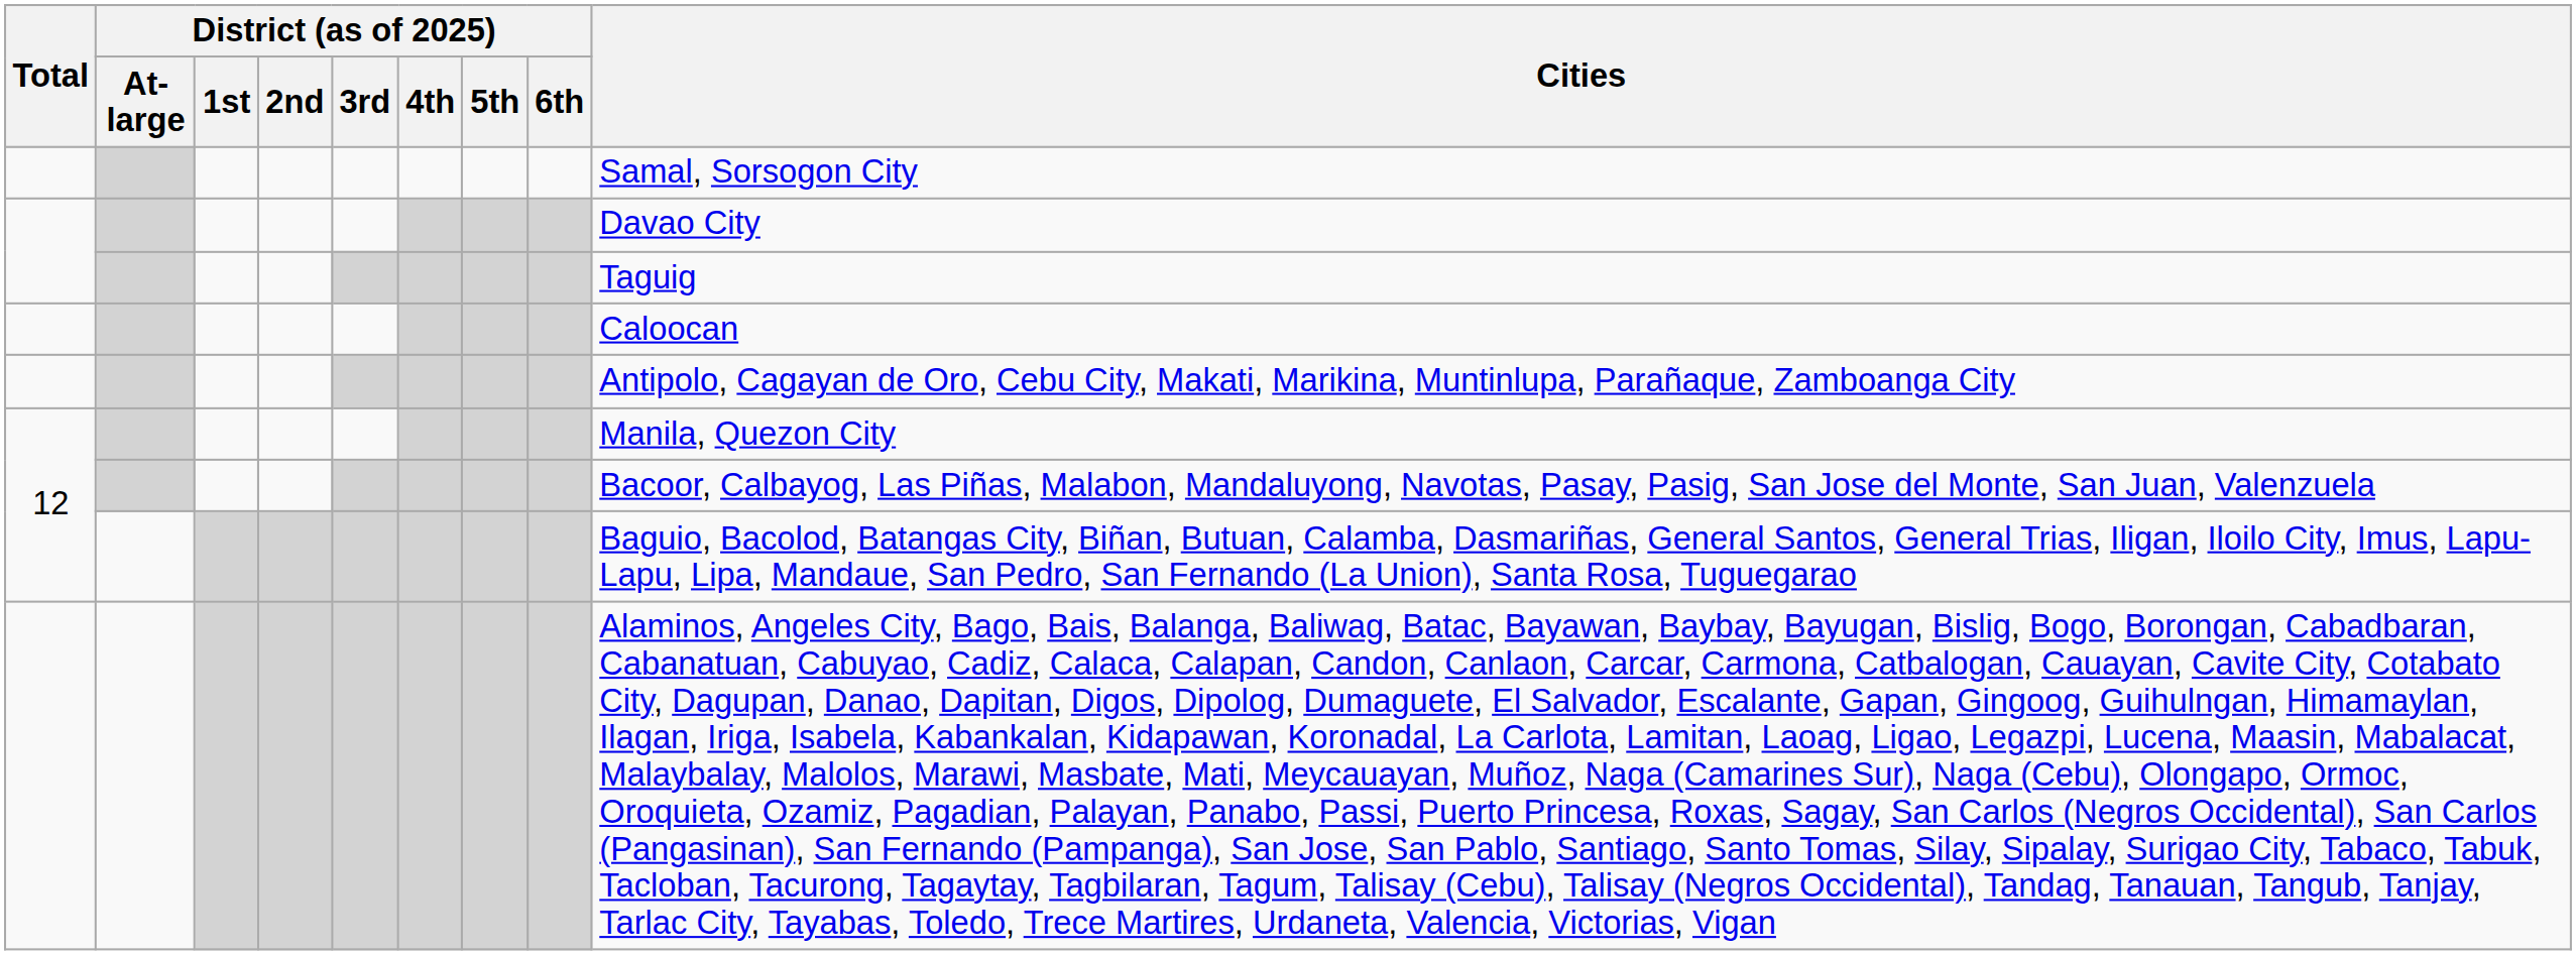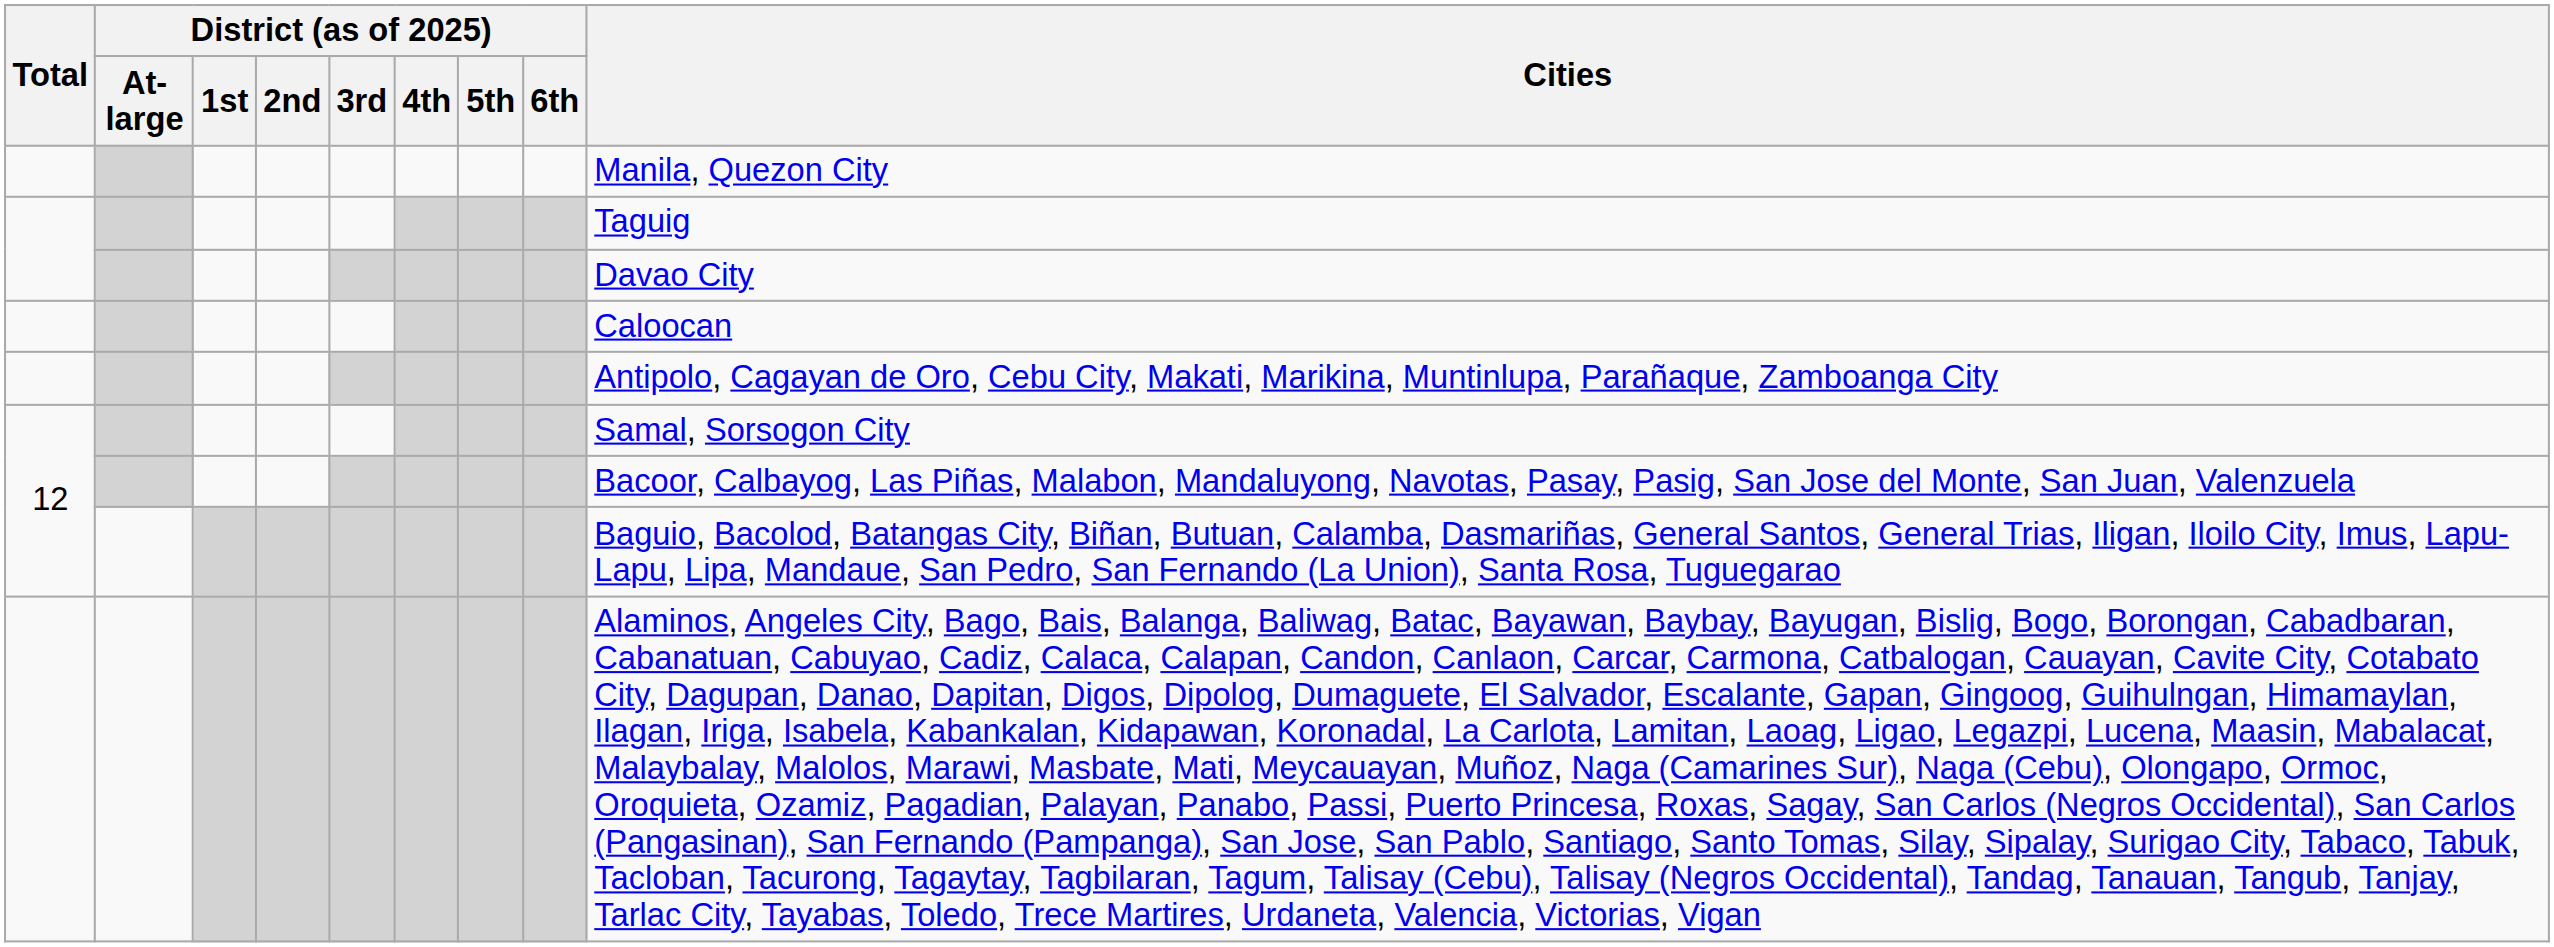 <table class="wikitable">
 <tr style="background:#ccc;">
 <th rowspan=2>Total</th>
 <th colspan=7>District (as of 2025)</th>
 <th rowspan=2>Cities</th>
 </tr>
 <tr>
 <th>At-large</th>
 <th>1st</th>
 <th>2nd</th>
 <th>3rd</th>
 <th>4th</th>
 <th>5th</th>
 <th>6th</th>
 </tr>
 <tr>
 <td></td>
 <td bgcolor=D3D3D3></td>
 <td></td>
 <td></td>
 <td></td>
 <td></td>
 <td></td>
 <td></td>
-<td><a href='#'>Samal</a>, <a href='#'>Sorsogon City</a></td>
+<td><a href='#'>Manila</a>, <a href='#'>Quezon City</a></td>
 </tr>
 <tr>
 <td rowspan=2></td>
 <td bgcolor=D3D3D3></td>
 <td></td>
 <td></td>
 <td></td>
 <td bgcolor=D3D3D3></td>
 <td bgcolor=D3D3D3></td>
 <td bgcolor=D3D3D3></td>
-<td><a href='#'>Davao City</a></td>
+<td><a href='#'>Taguig</a></td>
 </tr>
 <tr>
 <td bgcolor=D3D3D3></td>
 <td></td>
 <td></td>
 <td bgcolor=D3D3D3></td>
 <td bgcolor=D3D3D3></td>
 <td bgcolor=D3D3D3></td>
 <td bgcolor=D3D3D3></td>
-<td><a href='#'>Taguig</a></td>
+<td><a href='#'>Davao City</a></td>
 </tr>
 <tr>
 <td></td>
 <td bgcolor=D3D3D3></td>
 <td></td>
 <td></td>
 <td></td>
 <td bgcolor=D3D3D3></td>
 <td bgcolor=D3D3D3></td>
 <td bgcolor=D3D3D3></td>
 <td><a href='#'>Caloocan</a></td>
 </tr>
 <tr>
 <td></td>
 <td bgcolor=D3D3D3></td>
 <td></td>
 <td></td>
 <td bgcolor=D3D3D3></td>
 <td bgcolor=D3D3D3></td>
 <td bgcolor=D3D3D3></td>
 <td bgcolor=D3D3D3></td>
 <td><a href='#'>Antipolo</a>, <a href='#'>Cagayan de Oro</a>, <a href='#'>Cebu City</a>, <a href='#'>Makati</a>, <a href='#'>Marikina</a>, <a href='#'>Muntinlupa</a>, <a href='#'>Parañaque</a>, <a href='#'>Zamboanga City</a></td>
 </tr>
 <tr>
 <td rowspan=3 style="text-align:center;">12</td>
 <td bgcolor=D3D3D3></td>
 <td></td>
 <td></td>
 <td></td>
 <td bgcolor=D3D3D3></td>
 <td bgcolor=D3D3D3></td>
 <td bgcolor=D3D3D3></td>
-<td><a href='#'>Manila</a>, <a href='#'>Quezon City</a></td>
+<td><a href='#'>Samal</a>, <a href='#'>Sorsogon City</a></td>
 </tr>
 <tr>
 <td bgcolor=D3D3D3></td>
 <td></td>
 <td></td>
 <td bgcolor=D3D3D3></td>
 <td bgcolor=D3D3D3></td>
 <td bgcolor=D3D3D3></td>
 <td bgcolor=D3D3D3></td>
 <td><a href='#'>Bacoor</a>, <a href='#'>Calbayog</a>, <a href='#'>Las Piñas</a>, <a href='#'>Malabon</a>, <a href='#'>Mandaluyong</a>, <a href='#'>Navotas</a>, <a href='#'>Pasay</a>, <a href='#'>Pasig</a>, <a href='#'>San Jose del Monte</a>, <a href='#'>San Juan</a>, <a href='#'>Valenzuela</a></td>
 </tr>
 <tr>
 <td></td>
 <td bgcolor=D3D3D3></td>
 <td bgcolor=D3D3D3></td>
 <td bgcolor=D3D3D3></td>
 <td bgcolor=D3D3D3></td>
 <td bgcolor=D3D3D3></td>
 <td bgcolor=D3D3D3></td>
 <td><a href='#'>Baguio</a>, <a href='#'>Bacolod</a>, <a href='#'>Batangas City</a>, <a href='#'>Biñan</a>, <a href='#'>Butuan</a>, <a href='#'>Calamba</a>, <a href='#'>Dasmariñas</a>, <a href='#'>General Santos</a>, <a href='#'>General Trias</a>, <a href='#'>Iligan</a>, <a href='#'>Iloilo City</a>, <a href='#'>Imus</a>, <a href='#'>Lapu-Lapu</a>, <a href='#'>Lipa</a>, <a href='#'>Mandaue</a>, <a href='#'>San Pedro</a>, <a href='#'>San Fernando (La Union)</a>, <a href='#'>Santa Rosa</a>, <a href='#'>Tuguegarao</a></td>
 </tr>
 <tr>
 <td></td>
 <td></td>
 <td bgcolor=D3D3D3></td>
 <td bgcolor=D3D3D3></td>
 <td bgcolor=D3D3D3></td>
 <td bgcolor=D3D3D3></td>
 <td bgcolor=D3D3D3></td>
 <td bgcolor=D3D3D3></td>
 <td><a href='#'>Alaminos</a>, <a href='#'>Angeles City</a>, <a href='#'>Bago</a>, <a href='#'>Bais</a>, <a href='#'>Balanga</a>, <a href='#'>Baliwag</a>, <a href='#'>Batac</a>, <a href='#'>Bayawan</a>, <a href='#'>Baybay</a>, <a href='#'>Bayugan</a>, <a href='#'>Bislig</a>, <a href='#'>Bogo</a>, <a href='#'>Borongan</a>, <a href='#'>Cabadbaran</a>, <a href='#'>Cabanatuan</a>, <a href='#'>Cabuyao</a>, <a href='#'>Cadiz</a>, <a href='#'>Calaca</a>, <a href='#'>Calapan</a>, <a href='#'>Candon</a>, <a href='#'>Canlaon</a>, <a href='#'>Carcar</a>, <a href='#'>Carmona</a>, <a href='#'>Catbalogan</a>, <a href='#'>Cauayan</a>, <a href='#'>Cavite City</a>, <a href='#'>Cotabato City</a>, <a href='#'>Dagupan</a>, <a href='#'>Danao</a>, <a href='#'>Dapitan</a>, <a href='#'>Digos</a>, <a href='#'>Dipolog</a>, <a href='#'>Dumaguete</a>, <a href='#'>El Salvador</a>, <a href='#'>Escalante</a>, <a href='#'>Gapan</a>, <a href='#'>Gingoog</a>, <a href='#'>Guihulngan</a>, <a href='#'>Himamaylan</a>, <a href='#'>Ilagan</a>, <a href='#'>Iriga</a>, <a href='#'>Isabela</a>, <a href='#'>Kabankalan</a>, <a href='#'>Kidapawan</a>, <a href='#'>Koronadal</a>, <a href='#'>La Carlota</a>, <a href='#'>Lamitan</a>, <a href='#'>Laoag</a>, <a href='#'>Ligao</a>, <a href='#'>Legazpi</a>, <a href='#'>Lucena</a>, <a href='#'>Maasin</a>, <a href='#'>Mabalacat</a>, <a href='#'>Malaybalay</a>, <a href='#'>Malolos</a>, <a href='#'>Marawi</a>, <a href='#'>Masbate</a>, <a href='#'>Mati</a>, <a href='#'>Meycauayan</a>, <a href='#'>Muñoz</a>, <a href='#'>Naga (Camarines Sur)</a>, <a href='#'>Naga (Cebu)</a>, <a href='#'>Olongapo</a>, <a href='#'>Ormoc</a>, <a href='#'>Oroquieta</a>, <a href='#'>Ozamiz</a>, <a href='#'>Pagadian</a>, <a href='#'>Palayan</a>, <a href='#'>Panabo</a>, <a href='#'>Passi</a>, <a href='#'>Puerto Princesa</a>, <a href='#'>Roxas</a>, <a href='#'>Sagay</a>, <a href='#'>San Carlos (Negros Occidental)</a>, <a href='#'>San Carlos (Pangasinan)</a>, <a href='#'>San Fernando (Pampanga)</a>, <a href='#'>San Jose</a>, <a href='#'>San Pablo</a>, <a href='#'>Santiago</a>, <a href='#'>Santo Tomas</a>, <a href='#'>Silay</a>, <a href='#'>Sipalay</a>, <a href='#'>Surigao City</a>, <a href='#'>Tabaco</a>, <a href='#'>Tabuk</a>, <a href='#'>Tacloban</a>, <a href='#'>Tacurong</a>, <a href='#'>Tagaytay</a>, <a href='#'>Tagbilaran</a>, <a href='#'>Tagum</a>, <a href='#'>Talisay (Cebu)</a>, <a href='#'>Talisay (Negros Occidental)</a>, <a href='#'>Tandag</a>, <a href='#'>Tanauan</a>, <a href='#'>Tangub</a>, <a href='#'>Tanjay</a>, <a href='#'>Tarlac City</a>, <a href='#'>Tayabas</a>, <a href='#'>Toledo</a>, <a href='#'>Trece Martires</a>, <a href='#'>Urdaneta</a>, <a href='#'>Valencia</a>, <a href='#'>Victorias</a>, <a href='#'>Vigan</a></td>
 </tr>
 </table>
